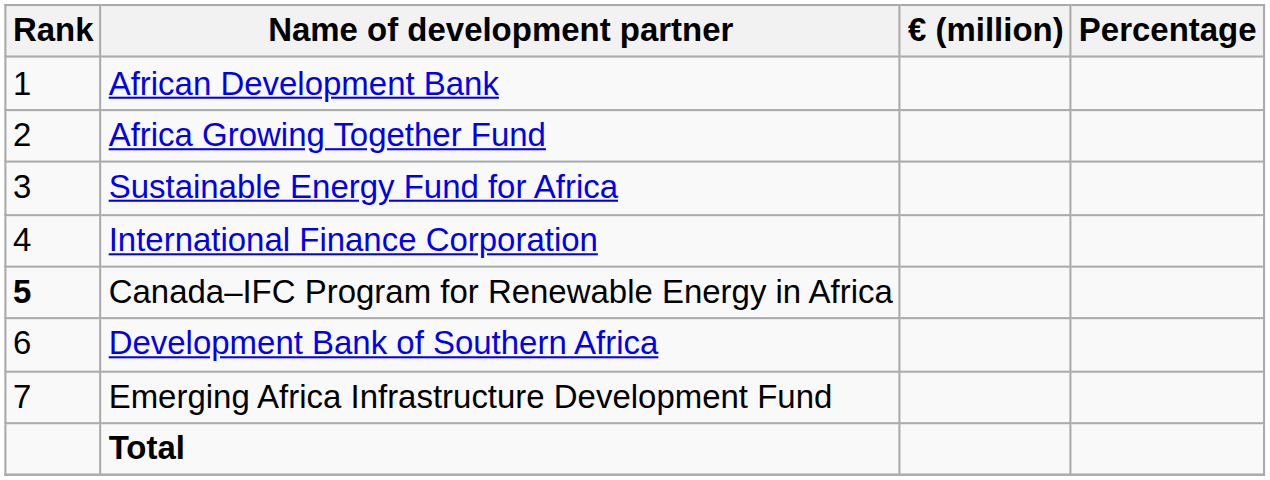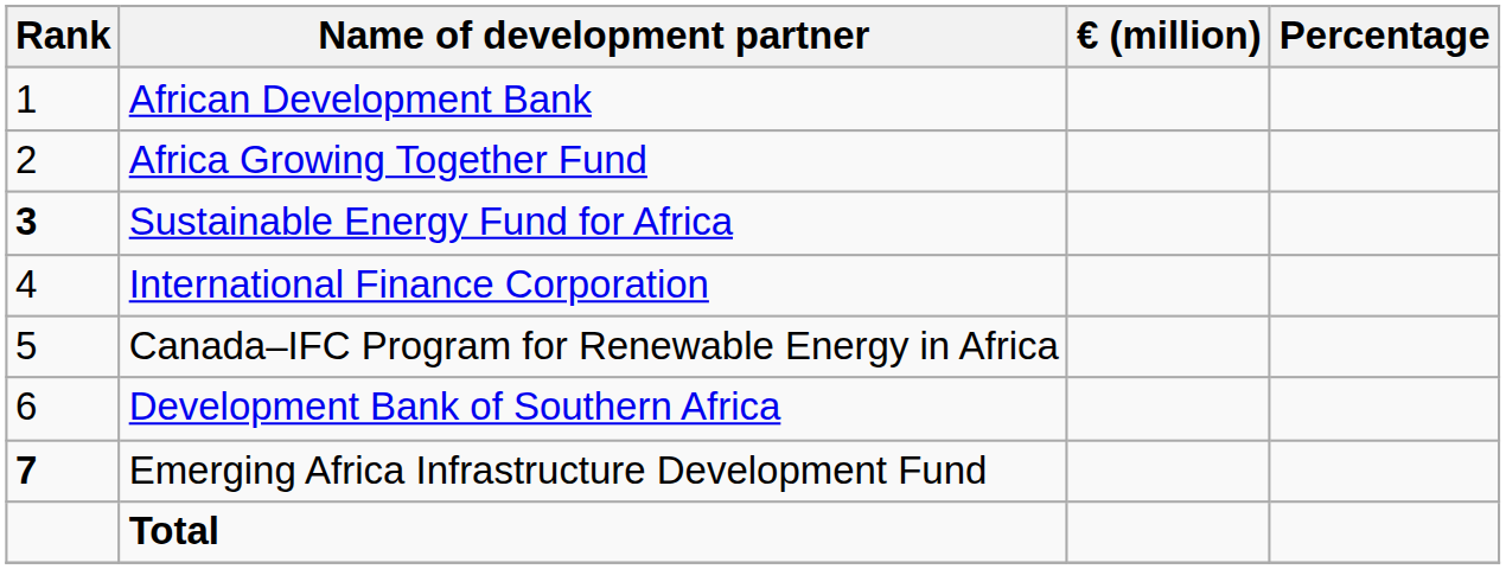 <table class="wikitable sortable" style="margin: 0.5em auto">
 <tr>
 <th>Rank</th>
 <th>Name of development partner</th>
 <th>€ (million)</th>
 <th>Percentage</th>
 </tr>
 <tr>
 <td>1</td>
 <td><a href='#'>African Development Bank</a></td>
 <td></td>
 <td></td>
 </tr>
 <tr>
 <td>2</td>
 <td><a href='#'>Africa Growing Together Fund</a></td>
 <td></td>
 <td></td>
 </tr>
 <tr>
-<td>3</td>
+<td><strong>3</strong></td>
 <td><a href='#'>Sustainable Energy Fund for Africa</a></td>
 <td></td>
 <td></td>
 </tr>
 <tr>
 <td>4</td>
 <td><a href='#'>International Finance Corporation</a></td>
 <td></td>
 <td></td>
 </tr>
 <tr>
-<td><strong>5</strong></td>
+<td>5</td>
 <td>Canada–IFC Program for Renewable Energy in Africa</td>
 <td></td>
 <td></td>
 </tr>
 <tr>
 <td>6</td>
 <td><a href='#'>Development Bank of Southern Africa</a></td>
 <td></td>
 <td></td>
 </tr>
 <tr>
-<td>7</td>
+<td><strong>7</strong></td>
 <td>Emerging Africa Infrastructure Development Fund</td>
 <td></td>
 <td></td>
 </tr>
 <tr>
 <td></td>
 <td><strong>Total</strong></td>
 <td><strong></strong></td>
 <td><strong></strong></td>
 </tr>
 <tr>
 </tr>
 </table>
